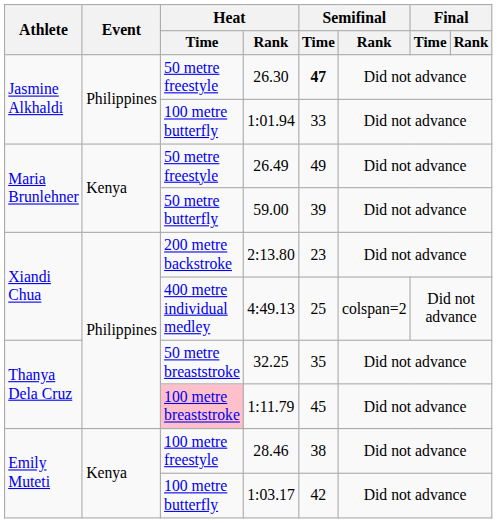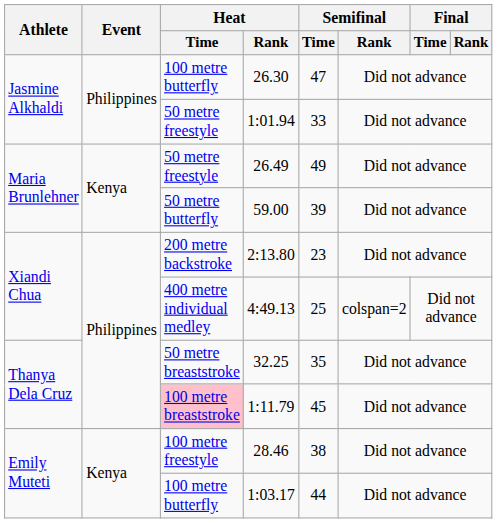 <table class="wikitable" style="text-align:center; font-size:90%; width:50%;">
 <tr>
 <th rowspan="2">Athlete</th>
 <th rowspan="2">Event</th>
 <th colspan="2">Heat</th>
 <th colspan="2">Semifinal</th>
 <th colspan="2">Final</th>
 </tr>
 <tr style="font-size:95%">
 <th>Time</th>
 <th>Rank</th>
 <th>Time</th>
 <th>Rank</th>
 <th>Time</th>
 <th>Rank</th>
 </tr>
 <tr>
 <td align=left rowspan=2><a href='#'>Jasmine Alkhaldi</a></td>
 <td align=left rowspan=2>Philippines</td>
-<td align=left><a href='#'>50 metre freestyle</a></td>
+<td align=left><a href='#'>100 metre butterfly</a></td>
 <td>26.30</td>
-<td><strong>47</strong></td>
+<td>47</td>
 <td colspan=4>Did not advance</td>
 </tr>
 <tr>
-<td align=left><a href='#'>100 metre butterfly</a></td>
+<td align=left><a href='#'>50 metre freestyle</a></td>
 <td>1:01.94</td>
 <td>33</td>
 <td colspan=4>Did not advance</td>
 </tr>
 <tr>
 <td align=left rowspan=2><a href='#'>Maria Brunlehner</a></td>
 <td align=left rowspan=2>Kenya</td>
 <td align=left><a href='#'>50 metre freestyle</a></td>
 <td>26.49</td>
 <td>49</td>
 <td colspan=4>Did not advance</td>
 </tr>
 <tr>
 <td align=left><a href='#'>50 metre butterfly</a></td>
 <td>59.00</td>
 <td>39</td>
 <td colspan=4>Did not advance</td>
 </tr>
 <tr>
 <td align=left rowspan=2><a href='#'>Xiandi Chua</a></td>
 <td align=left rowspan=4>Philippines</td>
 <td align=left><a href='#'>200 metre backstroke</a></td>
 <td>2:13.80</td>
 <td>23</td>
 <td colspan=4>Did not advance</td>
 </tr>
 <tr>
 <td align=left><a href='#'>400 metre individual medley</a></td>
 <td>4:49.13</td>
 <td>25</td>
 <td>colspan=2</td>
 <td colspan=2>Did not advance</td>
 </tr>
 <tr>
 <td align=left rowspan=2><a href='#'>Thanya Dela Cruz</a></td>
 <td align=left><a href='#'>50 metre breaststroke</a></td>
 <td>32.25</td>
 <td>35</td>
 <td colspan=4>Did not advance</td>
 </tr>
 <tr>
 <td align=left style="background: pink;"><a href='#'>100 metre breaststroke</a></td>
 <td>1:11.79</td>
 <td>45</td>
 <td colspan=4>Did not advance</td>
 </tr>
 <tr>
 <td align=left rowspan=2><a href='#'>Emily Muteti</a></td>
 <td align=left rowspan=2>Kenya</td>
 <td align=left><a href='#'>100 metre freestyle</a></td>
 <td>28.46</td>
 <td>38</td>
 <td colspan=4>Did not advance</td>
 </tr>
 <tr>
 <td align=left><a href='#'>100 metre butterfly</a></td>
 <td>1:03.17</td>
-<td>42</td>
+<td>44</td>
 <td colspan=4>Did not advance</td>
 </tr>
 </table>
